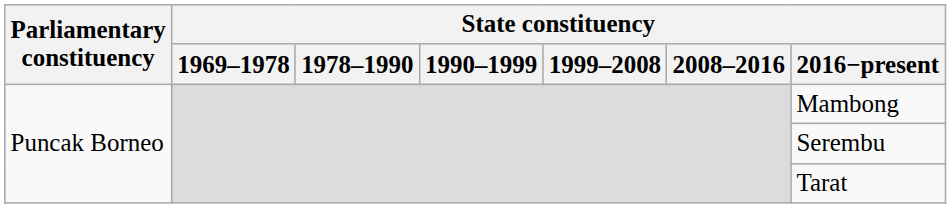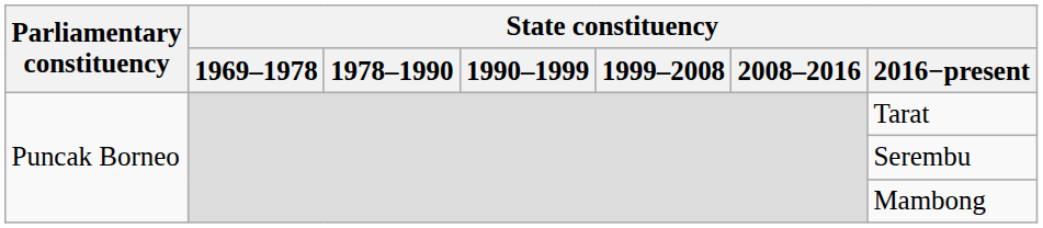 <table class="wikitable">
 <tr>
 <th rowspan="2">Parliamentary<br>constituency</th>
 <th colspan="6">State constituency</th>
 </tr>
 <tr>
 <th>1969–1978</th>
 <th>1978–1990</th>
 <th>1990–1999</th>
 <th>1999–2008</th>
 <th>2008–2016</th>
 <th>2016−present</th>
 </tr>
 <tr>
 <td rowspan="3">Puncak Borneo</td>
 <td colspan="5" rowspan="3" bgcolor="dcdcdc"></td>
-<td>Mambong</td>
+<td>Tarat</td>
 </tr>
 <tr>
 <td>Serembu</td>
 </tr>
 <tr>
-<td>Tarat</td>
+<td>Mambong</td>
 </tr>
 </table>
